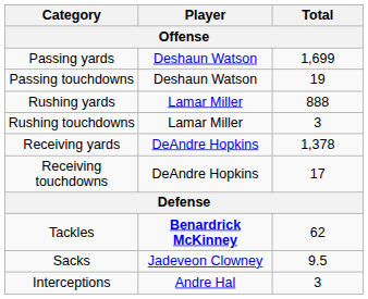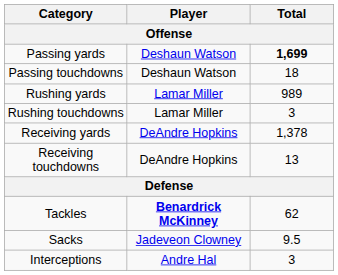 <table class="wikitable" style="text-align:center">
 <tr>
 <th width="150">Category</th>
 <th width="150">Player</th>
 <th width="100">Total</th>
 </tr>
 <tr>
 <th align="center" colspan="4">Offense</th>
 </tr>
 <tr>
 <td>Passing yards</td>
 <td><a href='#'>Deshaun Watson</a></td>
-<td>1,699</td>
+<td><strong>1,699</strong></td>
 </tr>
 <tr>
 <td>Passing touchdowns</td>
 <td>Deshaun Watson</td>
-<td>19</td>
+<td>18</td>
 </tr>
 <tr>
 <td>Rushing yards</td>
 <td><a href='#'>Lamar Miller</a></td>
-<td>888</td>
+<td>989</td>
 </tr>
 <tr>
 <td>Rushing touchdowns</td>
 <td>Lamar Miller</td>
 <td>3</td>
 </tr>
 <tr>
 <td>Receiving yards</td>
 <td><a href='#'>DeAndre Hopkins</a></td>
 <td>1,378</td>
 </tr>
 <tr>
 <td>Receiving touchdowns</td>
 <td>DeAndre Hopkins</td>
-<td>17</td>
+<td>13</td>
 </tr>
 <tr>
 <th align="center" colspan="4">Defense</th>
 </tr>
 <tr>
 <td>Tackles </td>
 <td><strong><a href='#'>Benardrick McKinney</a></strong></td>
 <td>62</td>
 </tr>
 <tr>
 <td>Sacks</td>
 <td><a href='#'>Jadeveon Clowney</a></td>
 <td>9.5</td>
 </tr>
 <tr>
 <td>Interceptions</td>
 <td><a href='#'>Andre Hal</a></td>
 <td>3</td>
 </tr>
 </table>
